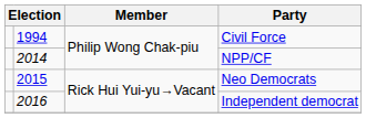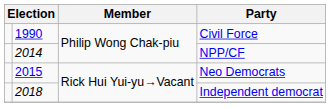 <table class="wikitable">
 <tr>
 <th colspan="2">Election</th>
 <th>Member</th>
 <th>Party</th>
 </tr>
 <tr>
 <td style="color:inherit;background:"></td>
-<td><a href='#'>1994</a></td>
+<td><a href='#'>1990</a></td>
 <td rowspan=2>Philip Wong Chak-piu</td>
 <td><a href='#'>Civil Force</a></td>
 </tr>
 <tr>
 <td style="color:inherit;background:"></td>
 <td><em>2014</em></td>
 <td><a href='#'>NPP/CF</a></td>
 </tr>
 <tr>
 <td style="color:inherit;background:"></td>
 <td><a href='#'>2015</a></td>
 <td rowspan=2>Rick Hui Yui-yu→Vacant</td>
 <td><a href='#'>Neo Democrats</a></td>
 </tr>
 <tr>
 <td style="color:inherit;background:"></td>
-<td><em>2016</em></td>
+<td><em>2018</em></td>
 <td><a href='#'>Independent democrat</a></td>
 </tr>
 <tr>
 </tr>
 </table>
